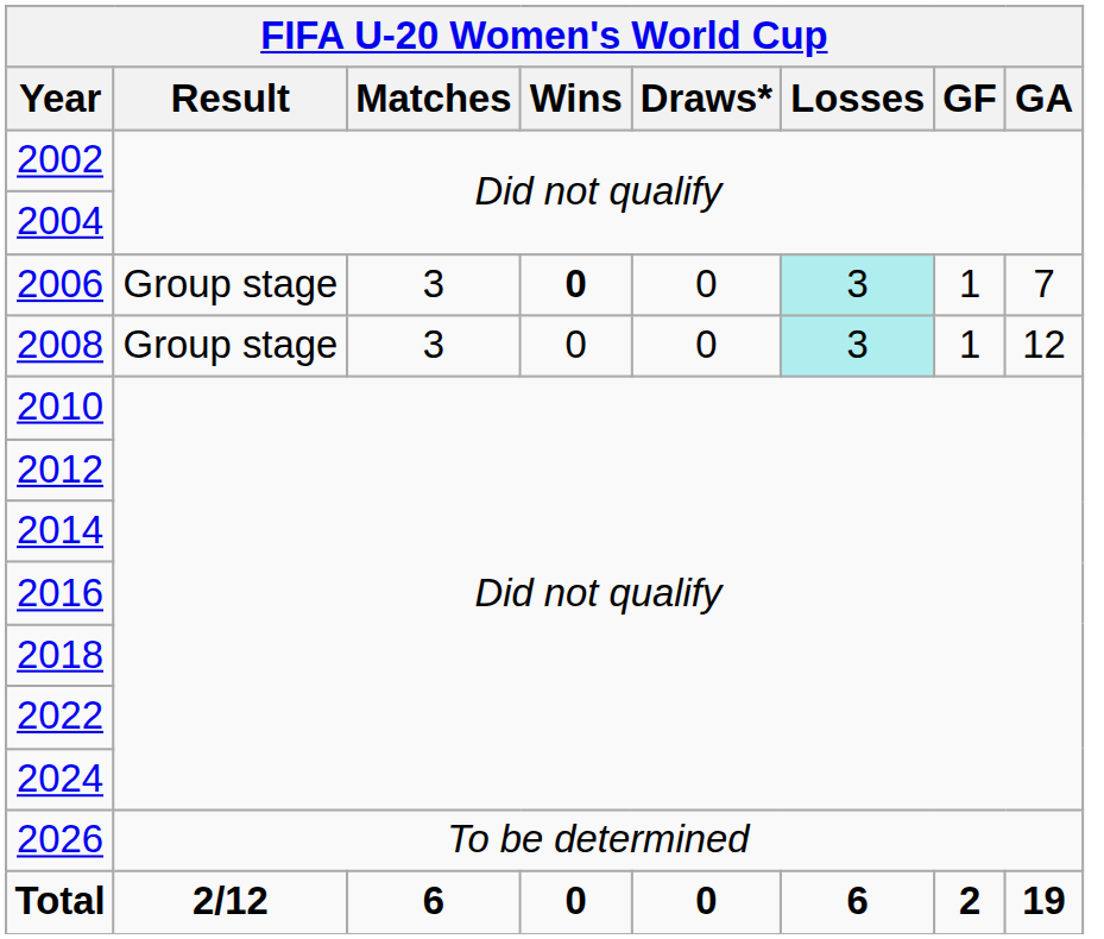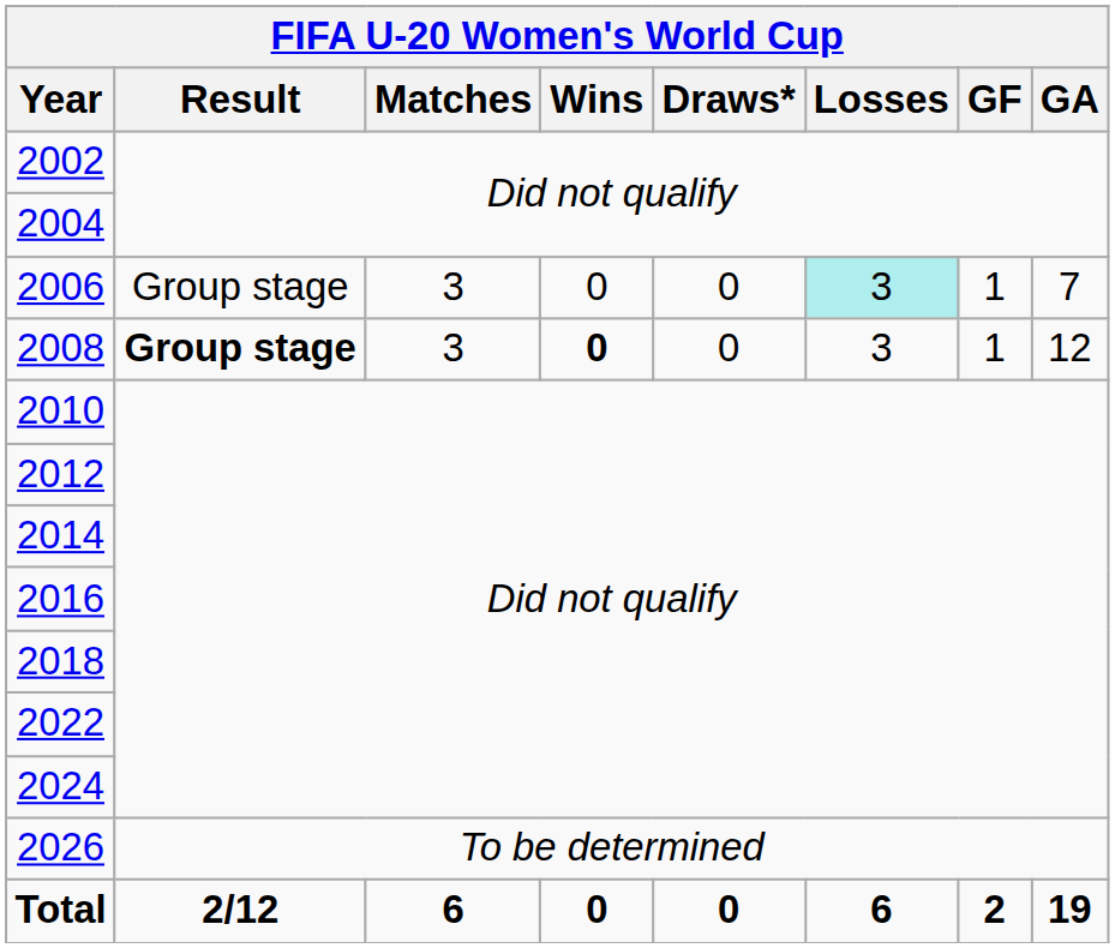 <table class="wikitable" style="text-align: center;">
 <tr>
 <th colspan=10><a href='#'>FIFA U-20 Women's World Cup</a></th>
 </tr>
 <tr>
 <th>Year</th>
 <th>Result</th>
 <th>Matches</th>
 <th>Wins</th>
 <th>Draws*</th>
 <th>Losses</th>
 <th>GF</th>
 <th>GA</th>
 </tr>
 <tr>
 <td> <a href='#'>2002</a></td>
 <td rowspan=2 colspan=7><em>Did not qualify</em></td>
 </tr>
 <tr>
 <td> <a href='#'>2004</a></td>
 </tr>
 <tr>
 <td> <a href='#'>2006</a></td>
 <td>Group stage</td>
 <td>3</td>
-<td><strong>0</strong></td>
+<td>0</td>
 <td>0</td>
 <td style="background: paleturquoise;">3</td>
 <td>1</td>
 <td>7</td>
 </tr>
 <tr>
 <td> <a href='#'>2008</a></td>
-<td>Group stage</td>
+<td><strong>Group stage</strong></td>
 <td>3</td>
+<td><strong>0</strong></td>
 <td>0</td>
-<td>0</td>
-<td style="background: paleturquoise;">3</td>
+<td>3</td>
 <td>1</td>
 <td>12</td>
 </tr>
 <tr>
 <td> <a href='#'>2010</a></td>
 <td rowspan=7 colspan=7><em>Did not qualify</em></td>
 </tr>
 <tr>
 <td> <a href='#'>2012</a></td>
 </tr>
 <tr>
 <td> <a href='#'>2014</a></td>
 </tr>
 <tr>
 <td> <a href='#'>2016</a></td>
 </tr>
 <tr>
 <td> <a href='#'>2018</a></td>
 </tr>
 <tr>
 <td> <a href='#'>2022</a></td>
 </tr>
 <tr>
 <td> <a href='#'>2024</a></td>
 </tr>
 <tr>
 <td> <a href='#'>2026</a></td>
 <td colspan=7><em>To be determined</em></td>
 </tr>
 <tr>
 <td><strong>Total</strong></td>
 <td><strong>2/12</strong></td>
 <td><strong>6</strong></td>
 <td><strong>0</strong></td>
 <td><strong>0</strong></td>
 <td><strong>6</strong></td>
 <td><strong>2</strong></td>
 <td><strong>19</strong></td>
 </tr>
 </table>
